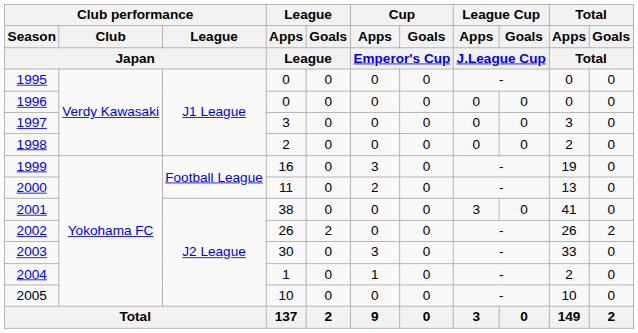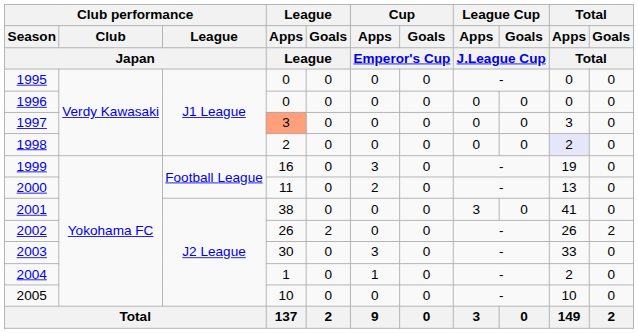 <table class="wikitable" style="text-align:center;">
 <tr>
 <th colspan=3>Club performance</th>
 <th colspan=2>League</th>
 <th colspan=2>Cup</th>
 <th colspan=2>League Cup</th>
 <th colspan=2>Total</th>
 </tr>
 <tr>
 <th>Season</th>
 <th>Club</th>
 <th>League</th>
 <th>Apps</th>
 <th>Goals</th>
 <th>Apps</th>
 <th>Goals</th>
 <th>Apps</th>
 <th>Goals</th>
 <th>Apps</th>
 <th>Goals</th>
 </tr>
 <tr>
 <th colspan=3>Japan</th>
 <th colspan=2>League</th>
 <th colspan=2><a href='#'>Emperor's Cup</a></th>
 <th colspan=2><a href='#'>J.League Cup</a></th>
 <th colspan=2>Total</th>
 </tr>
 <tr>
 <td><a href='#'>1995</a></td>
 <td rowspan="4"><a href='#'>Verdy Kawasaki</a></td>
 <td rowspan="4"><a href='#'>J1 League</a></td>
 <td>0</td>
 <td>0</td>
 <td>0</td>
 <td>0</td>
 <td colspan="2">-</td>
 <td>0</td>
 <td>0</td>
 </tr>
 <tr>
 <td><a href='#'>1996</a></td>
 <td>0</td>
 <td>0</td>
 <td>0</td>
 <td>0</td>
 <td>0</td>
 <td>0</td>
 <td>0</td>
 <td>0</td>
 </tr>
 <tr>
 <td><a href='#'>1997</a></td>
-<td>3</td>
+<td style="background: lightsalmon;">3</td>
 <td>0</td>
 <td>0</td>
 <td>0</td>
 <td>0</td>
 <td>0</td>
 <td>3</td>
 <td>0</td>
 </tr>
 <tr>
 <td><a href='#'>1998</a></td>
 <td>2</td>
 <td>0</td>
 <td>0</td>
 <td>0</td>
 <td>0</td>
 <td>0</td>
-<td>2</td>
+<td style="background: lavender;">2</td>
 <td>0</td>
 </tr>
 <tr>
 <td><a href='#'>1999</a></td>
 <td rowspan="7"><a href='#'>Yokohama FC</a></td>
 <td rowspan="2"><a href='#'>Football League</a></td>
 <td>16</td>
 <td>0</td>
 <td>3</td>
 <td>0</td>
 <td colspan="2">-</td>
 <td>19</td>
 <td>0</td>
 </tr>
 <tr>
 <td><a href='#'>2000</a></td>
 <td>11</td>
 <td>0</td>
 <td>2</td>
 <td>0</td>
 <td colspan="2">-</td>
 <td>13</td>
 <td>0</td>
 </tr>
 <tr>
 <td><a href='#'>2001</a></td>
 <td rowspan="5"><a href='#'>J2 League</a></td>
 <td>38</td>
 <td>0</td>
 <td>0</td>
 <td>0</td>
 <td>3</td>
 <td>0</td>
 <td>41</td>
 <td>0</td>
 </tr>
 <tr>
 <td><a href='#'>2002</a></td>
 <td>26</td>
 <td>2</td>
 <td>0</td>
 <td>0</td>
 <td colspan="2">-</td>
 <td>26</td>
 <td>2</td>
 </tr>
 <tr>
 <td><a href='#'>2003</a></td>
 <td>30</td>
 <td>0</td>
 <td>3</td>
 <td>0</td>
 <td colspan="2">-</td>
 <td>33</td>
 <td>0</td>
 </tr>
 <tr>
 <td><a href='#'>2004</a></td>
 <td>1</td>
 <td>0</td>
 <td>1</td>
 <td>0</td>
 <td colspan="2">-</td>
 <td>2</td>
 <td>0</td>
 </tr>
 <tr>
 <td>2005</td>
 <td>10</td>
 <td>0</td>
 <td>0</td>
 <td>0</td>
 <td colspan="2">-</td>
 <td>10</td>
 <td>0</td>
 </tr>
 <tr>
 <th colspan=3>Total</th>
 <th>137</th>
 <th>2</th>
 <th>9</th>
 <th>0</th>
 <th>3</th>
 <th>0</th>
 <th>149</th>
 <th>2</th>
 </tr>
 </table>
